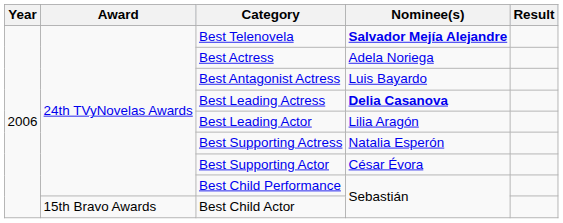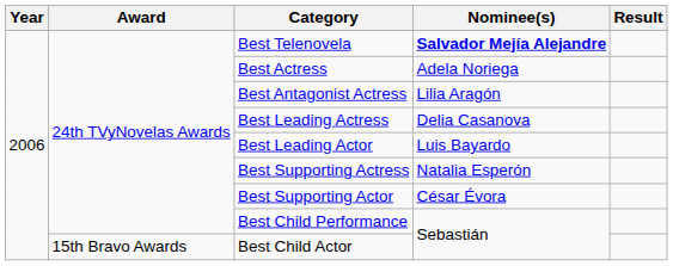 <table class="wikitable">
 <tr style="background:#b0c4de;">
 <th>Year</th>
 <th>Award</th>
 <th>Category</th>
 <th>Nominee(s)</th>
 <th>Result</th>
 </tr>
 <tr>
 <td rowspan=9>2006</td>
 <td rowspan=8><a href='#'>24th TVyNovelas Awards</a></td>
 <td><a href='#'>Best Telenovela</a></td>
 <td><strong><a href='#'>Salvador Mejía Alejandre</a></strong></td>
 <td></td>
 </tr>
 <tr>
 <td><a href='#'>Best Actress</a></td>
 <td><a href='#'>Adela Noriega</a></td>
 <td></td>
 </tr>
 <tr>
 <td><a href='#'>Best Antagonist Actress</a></td>
-<td><a href='#'>Luis Bayardo</a></td>
+<td><a href='#'>Lilia Aragón</a></td>
 <td></td>
 </tr>
 <tr>
 <td><a href='#'>Best Leading Actress</a></td>
-<td><strong><a href='#'>Delia Casanova</a></strong></td>
+<td><a href='#'>Delia Casanova</a></td>
 <td></td>
 </tr>
 <tr>
 <td><a href='#'>Best Leading Actor</a></td>
-<td><a href='#'>Lilia Aragón</a></td>
+<td><a href='#'>Luis Bayardo</a></td>
 <td></td>
 </tr>
 <tr>
 <td><a href='#'>Best Supporting Actress</a></td>
 <td><a href='#'>Natalia Esperón</a></td>
 <td></td>
 </tr>
 <tr>
 <td><a href='#'>Best Supporting Actor</a></td>
 <td><a href='#'>César Évora</a></td>
 <td></td>
 </tr>
 <tr>
 <td><a href='#'>Best Child Performance</a></td>
 <td rowspan=2>Sebastián</td>
 <td></td>
 </tr>
 <tr>
 <td>15th Bravo Awards</td>
 <td>Best Child Actor</td>
 <td></td>
 </tr>
 </table>
